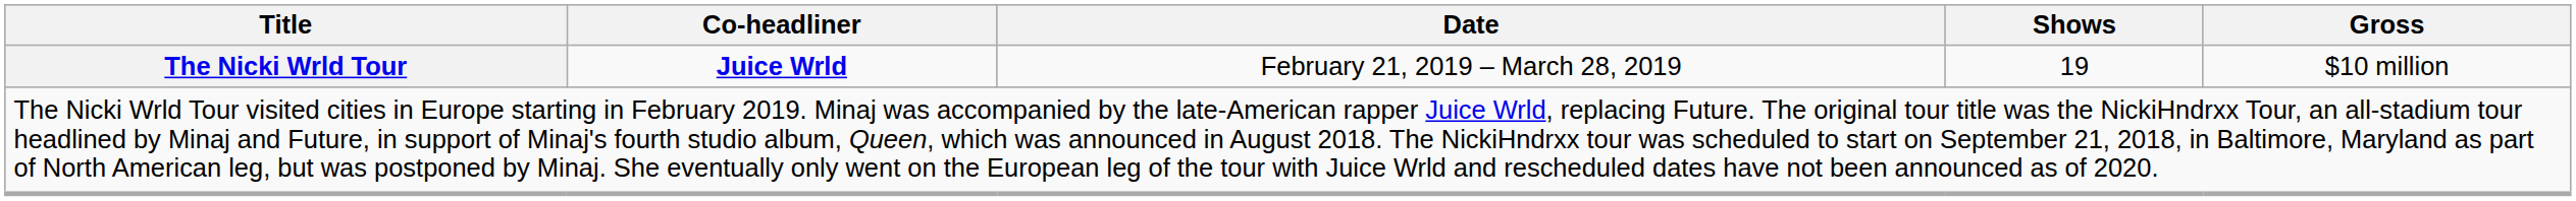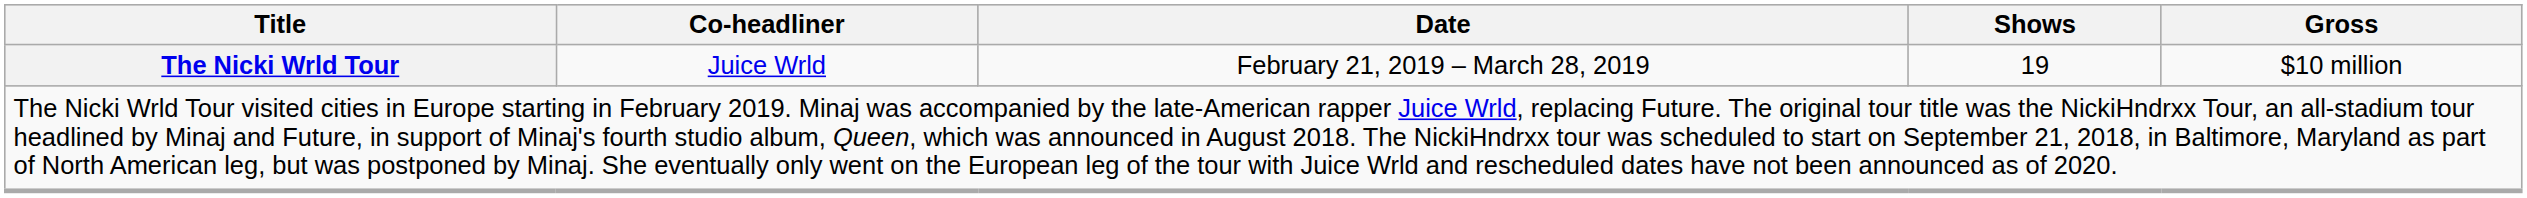 <table class="wikitable plainrowheaders" style="text-align:center;" width=100%>
 <tr>
 <th scope="col">Title</th>
 <th scope="col">Co-headliner</th>
 <th scope="col">Date</th>
 <th scope="col">Shows</th>
 <th scope="col">Gross</th>
 </tr>
 <tr>
 <th scope="row"><a href='#'>The Nicki Wrld Tour</a></th>
-<td><strong><a href='#'>Juice Wrld</a></strong></td>
+<td><a href='#'>Juice Wrld</a></td>
 <td>February 21, 2019 – March 28, 2019</td>
 <td>19</td>
 <td>$10 million</td>
 </tr>
 <tr>
 <td colspan="5" style="text-align:left; border-bottom-width:3px; padding:5px;">The Nicki Wrld Tour visited cities in Europe starting in February 2019. Minaj was accompanied by the late-American rapper <a href='#'>Juice Wrld</a>, replacing Future. The original tour title was the NickiHndrxx Tour, an all-stadium tour headlined by Minaj and Future, in support of Minaj's fourth studio album, <em>Queen</em>, which was announced in August 2018. The NickiHndrxx tour was scheduled to start on September 21, 2018, in Baltimore, Maryland as part of North American leg, but was postponed by Minaj. She eventually only went on the European leg of the tour with Juice Wrld and rescheduled dates have not been announced as of 2020.</td>
 </tr>
 </table>
